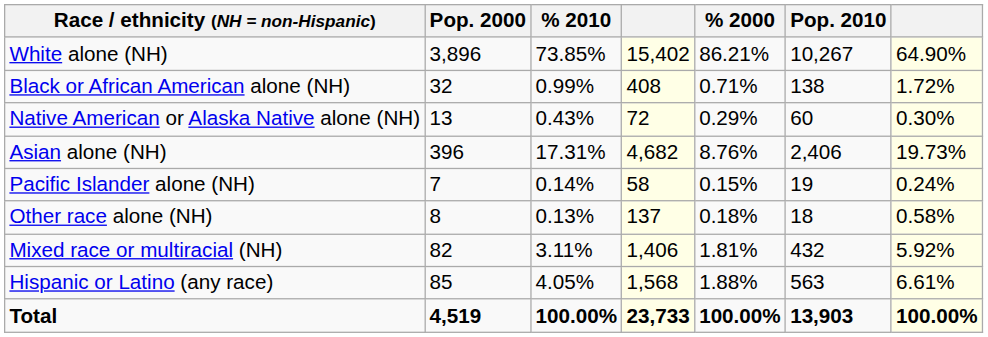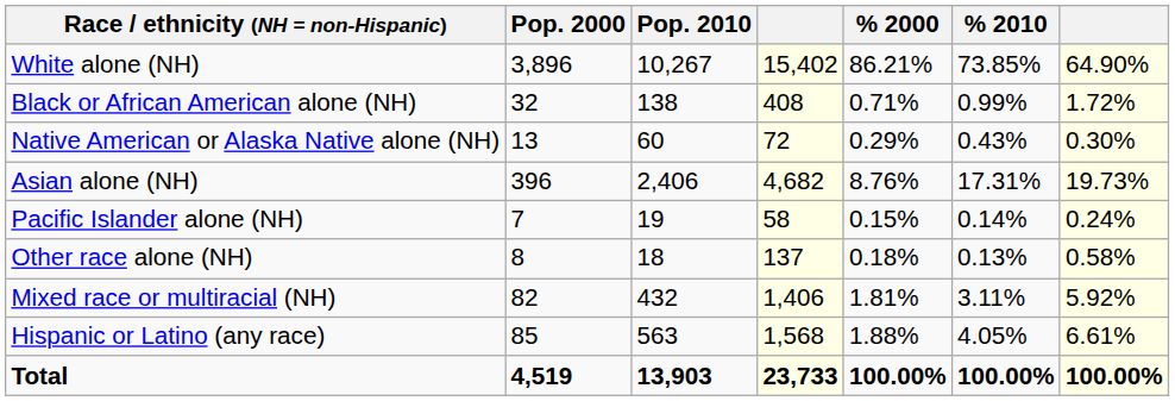 <table class="wikitable">
 <tr>
 <th>Race / ethnicity <small>(<em>NH = non-Hispanic</em>)</small></th>
 <th>Pop. 2000</th>
-<th>% 2010</th>
+<th>Pop. 2010</th>
 <th></th>
 <th>% 2000</th>
-<th>Pop. 2010</th>
+<th>% 2010</th>
 <th></th>
 </tr>
 <tr>
 <td><a href='#'>White</a> alone (NH)</td>
 <td>3,896</td>
-<td>73.85%</td>
+<td>10,267</td>
 <td style='background: #ffffe6;'>15,402</td>
 <td>86.21%</td>
-<td>10,267</td>
+<td>73.85%</td>
 <td style='background: #ffffe6;'>64.90%</td>
 </tr>
 <tr>
 <td><a href='#'>Black or African American</a> alone (NH)</td>
 <td>32</td>
-<td>0.99%</td>
+<td>138</td>
 <td style='background: #ffffe6;'>408</td>
 <td>0.71%</td>
-<td>138</td>
+<td>0.99%</td>
 <td style='background: #ffffe6;'>1.72%</td>
 </tr>
 <tr>
 <td><a href='#'>Native American</a> or <a href='#'>Alaska Native</a> alone (NH)</td>
 <td>13</td>
-<td>0.43%</td>
+<td>60</td>
 <td style='background: #ffffe6;'>72</td>
 <td>0.29%</td>
-<td>60</td>
+<td>0.43%</td>
 <td style='background: #ffffe6;'>0.30%</td>
 </tr>
 <tr>
 <td><a href='#'>Asian</a> alone (NH)</td>
 <td>396</td>
-<td>17.31%</td>
+<td>2,406</td>
 <td style='background: #ffffe6;'>4,682</td>
 <td>8.76%</td>
-<td>2,406</td>
+<td>17.31%</td>
 <td style='background: #ffffe6;'>19.73%</td>
 </tr>
 <tr>
 <td><a href='#'>Pacific Islander</a> alone (NH)</td>
 <td>7</td>
-<td>0.14%</td>
+<td>19</td>
 <td style='background: #ffffe6;'>58</td>
 <td>0.15%</td>
-<td>19</td>
+<td>0.14%</td>
 <td style='background: #ffffe6;'>0.24%</td>
 </tr>
 <tr>
 <td><a href='#'>Other race</a> alone (NH)</td>
 <td>8</td>
-<td>0.13%</td>
+<td>18</td>
 <td style='background: #ffffe6;'>137</td>
 <td>0.18%</td>
-<td>18</td>
+<td>0.13%</td>
 <td style='background: #ffffe6;'>0.58%</td>
 </tr>
 <tr>
 <td><a href='#'>Mixed race or multiracial</a> (NH)</td>
 <td>82</td>
-<td>3.11%</td>
+<td>432</td>
 <td style='background: #ffffe6;'>1,406</td>
 <td>1.81%</td>
-<td>432</td>
+<td>3.11%</td>
 <td style='background: #ffffe6;'>5.92%</td>
 </tr>
 <tr>
 <td><a href='#'>Hispanic or Latino</a> (any race)</td>
 <td>85</td>
-<td>4.05%</td>
+<td>563</td>
 <td style='background: #ffffe6;'>1,568</td>
 <td>1.88%</td>
-<td>563</td>
+<td>4.05%</td>
 <td style='background: #ffffe6;'>6.61%</td>
 </tr>
 <tr>
 <td><strong>Total</strong></td>
 <td><strong>4,519</strong></td>
-<td><strong>100.00%</strong></td>
+<td><strong>13,903</strong></td>
 <td style='background: #ffffe6;'><strong>23,733</strong></td>
 <td><strong>100.00%</strong></td>
-<td><strong>13,903</strong></td>
+<td><strong>100.00%</strong></td>
 <td style='background: #ffffe6;'><strong>100.00%</strong></td>
 </tr>
 </table>
